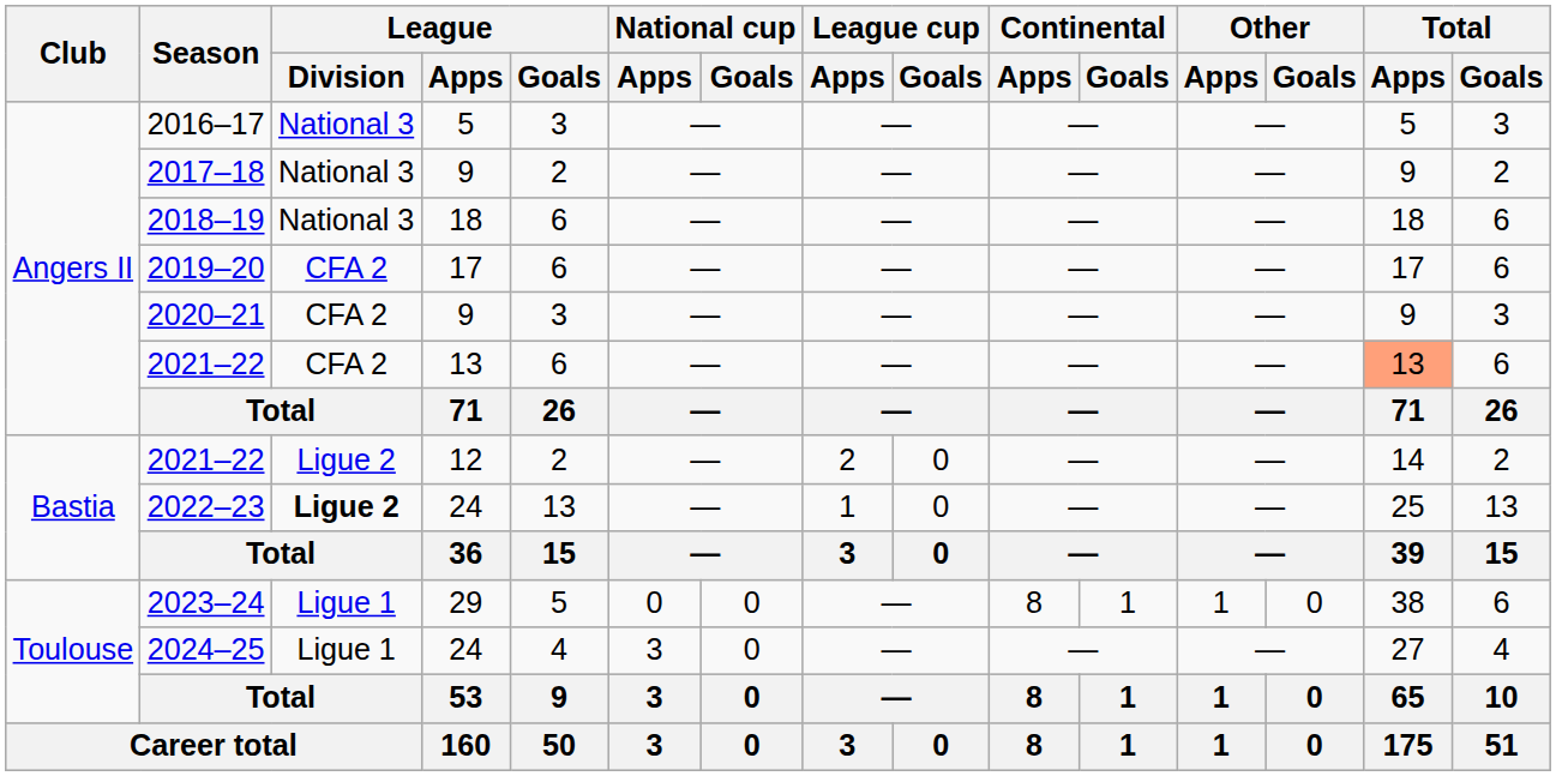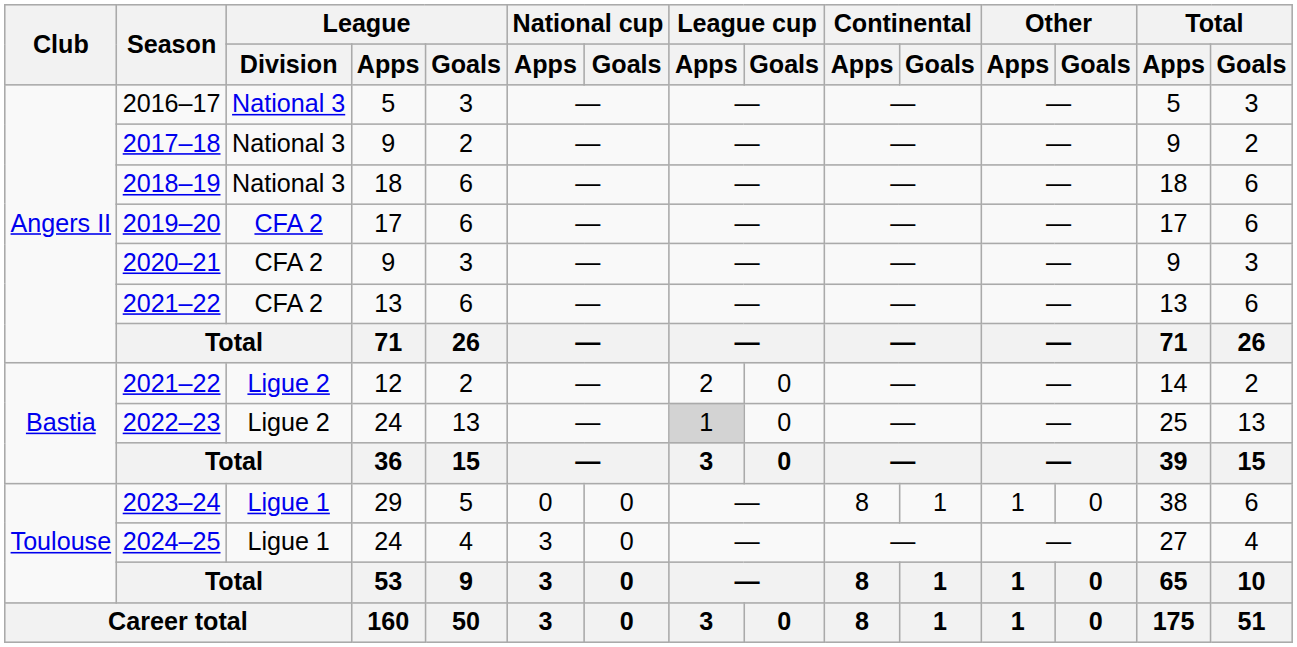 <table class="wikitable" style="text-align: center;">
 <tr>
 <th rowspan="2">Club</th>
 <th rowspan="2">Season</th>
 <th colspan="3">League</th>
 <th colspan="2">National cup</th>
 <th colspan="2">League cup</th>
 <th colspan="2">Continental</th>
 <th colspan="2">Other</th>
 <th colspan="2">Total</th>
 </tr>
 <tr>
 <th>Division</th>
 <th>Apps</th>
 <th>Goals</th>
 <th>Apps</th>
 <th>Goals</th>
 <th>Apps</th>
 <th>Goals</th>
 <th>Apps</th>
 <th>Goals</th>
 <th>Apps</th>
 <th>Goals</th>
 <th>Apps</th>
 <th>Goals</th>
 </tr>
 <tr>
 <td rowspan="7"><a href='#'>Angers II</a></td>
 <td>2016–17</td>
 <td><a href='#'>National 3</a></td>
 <td>5</td>
 <td>3</td>
 <td colspan="2">—</td>
 <td colspan="2">—</td>
 <td colspan="2">—</td>
 <td colspan="2">—</td>
 <td>5</td>
 <td>3</td>
 </tr>
 <tr>
 <td><a href='#'>2017–18</a></td>
 <td>National 3</td>
 <td>9</td>
 <td>2</td>
 <td colspan="2">—</td>
 <td colspan="2">—</td>
 <td colspan="2">—</td>
 <td colspan="2">—</td>
 <td>9</td>
 <td>2</td>
 </tr>
 <tr>
 <td><a href='#'>2018–19</a></td>
 <td>National 3</td>
 <td>18</td>
 <td>6</td>
 <td colspan="2">—</td>
 <td colspan="2">—</td>
 <td colspan="2">—</td>
 <td colspan="2">—</td>
 <td>18</td>
 <td>6</td>
 </tr>
 <tr>
 <td><a href='#'>2019–20</a></td>
 <td><a href='#'>CFA 2</a></td>
 <td>17</td>
 <td>6</td>
 <td colspan="2">—</td>
 <td colspan="2">—</td>
 <td colspan="2">—</td>
 <td colspan="2">—</td>
 <td>17</td>
 <td>6</td>
 </tr>
 <tr>
 <td><a href='#'>2020–21</a></td>
 <td>CFA 2</td>
 <td>9</td>
 <td>3</td>
 <td colspan="2">—</td>
 <td colspan="2">—</td>
 <td colspan="2">—</td>
 <td colspan="2">—</td>
 <td>9</td>
 <td>3</td>
 </tr>
 <tr>
 <td><a href='#'>2021–22</a></td>
 <td>CFA 2</td>
 <td>13</td>
 <td>6</td>
 <td colspan="2">—</td>
 <td colspan="2">—</td>
 <td colspan="2">—</td>
 <td colspan="2">—</td>
-<td style="background: lightsalmon;">13</td>
+<td>13</td>
 <td>6</td>
 </tr>
 <tr>
 <th colspan="2">Total</th>
 <th>71</th>
 <th>26</th>
 <th colspan="2">—</th>
 <th colspan="2">—</th>
 <th colspan="2">—</th>
 <th colspan="2">—</th>
 <th>71</th>
 <th>26</th>
 </tr>
 <tr>
 <td rowspan="3"><a href='#'>Bastia</a></td>
 <td><a href='#'>2021–22</a></td>
 <td><a href='#'>Ligue 2</a></td>
 <td>12</td>
 <td>2</td>
 <td colspan="2">—</td>
 <td>2</td>
 <td>0</td>
 <td colspan="2">—</td>
 <td colspan="2">—</td>
 <td>14</td>
 <td>2</td>
 </tr>
 <tr>
 <td><a href='#'>2022–23</a></td>
-<td><strong>Ligue 2</strong></td>
+<td>Ligue 2</td>
 <td>24</td>
 <td>13</td>
 <td colspan="2">—</td>
-<td>1</td>
+<td style="background: lightgrey;">1</td>
 <td>0</td>
 <td colspan="2">—</td>
 <td colspan="2">—</td>
 <td>25</td>
 <td>13</td>
 </tr>
 <tr>
 <th colspan="2">Total</th>
 <th>36</th>
 <th>15</th>
 <th colspan="2">—</th>
 <th>3</th>
 <th>0</th>
 <th colspan="2">—</th>
 <th colspan="2">—</th>
 <th>39</th>
 <th>15</th>
 </tr>
 <tr>
 <td rowspan="3"><a href='#'>Toulouse</a></td>
 <td><a href='#'>2023–24</a></td>
 <td><a href='#'>Ligue 1</a></td>
 <td>29</td>
 <td>5</td>
 <td>0</td>
 <td>0</td>
 <td colspan="2">—</td>
 <td>8</td>
 <td>1</td>
 <td>1</td>
 <td>0</td>
 <td>38</td>
 <td>6</td>
 </tr>
 <tr>
 <td><a href='#'>2024–25</a></td>
 <td>Ligue 1</td>
 <td>24</td>
 <td>4</td>
 <td>3</td>
 <td>0</td>
 <td colspan="2">—</td>
 <td colspan="2">—</td>
 <td colspan="2">—</td>
 <td>27</td>
 <td>4</td>
 </tr>
 <tr>
 <th colspan="2">Total</th>
 <th>53</th>
 <th>9</th>
 <th>3</th>
 <th>0</th>
 <th colspan="2">—</th>
 <th>8</th>
 <th>1</th>
 <th>1</th>
 <th>0</th>
 <th>65</th>
 <th>10</th>
 </tr>
 <tr>
 <th colspan="3">Career total</th>
 <th>160</th>
 <th>50</th>
 <th>3</th>
 <th>0</th>
 <th>3</th>
 <th>0</th>
 <th>8</th>
 <th>1</th>
 <th>1</th>
 <th>0</th>
 <th>175</th>
 <th>51</th>
 </tr>
 </table>
